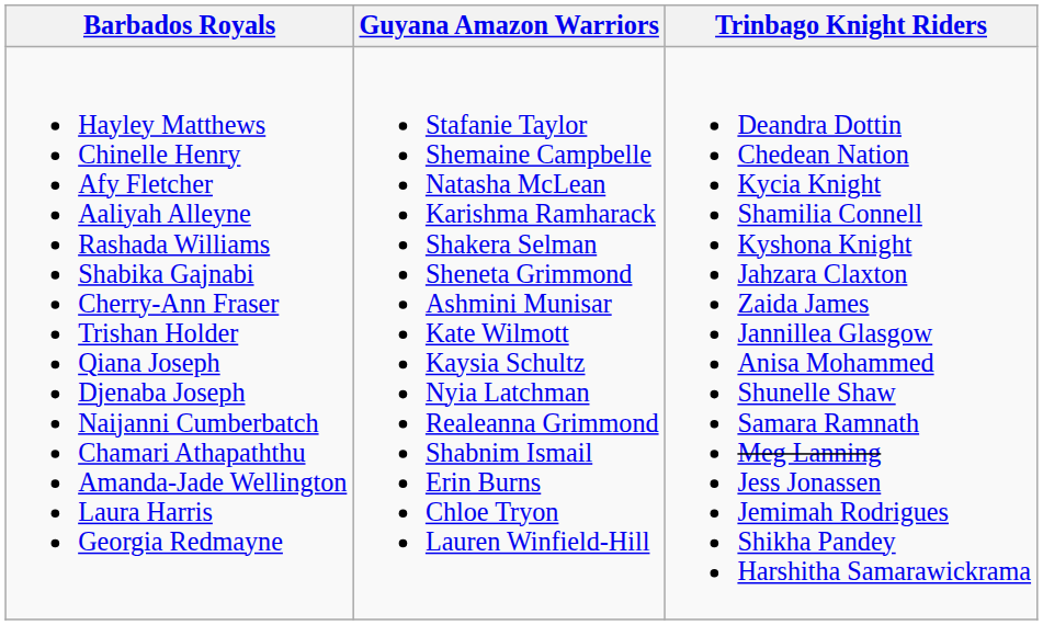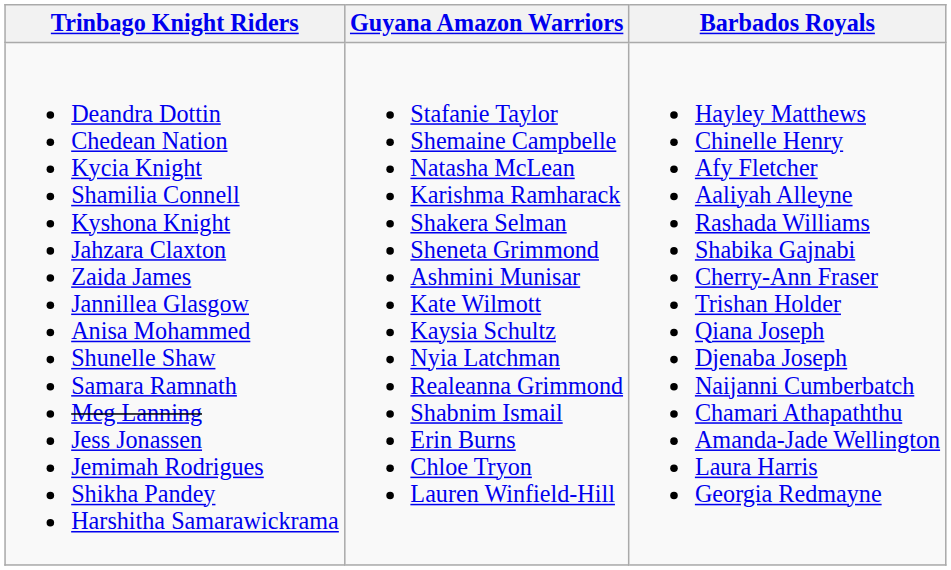 <table class="wikitable" style="text-align:left; margin:auto">
 <tr>
+<th><a href='#'>Trinbago Knight Riders</a></th>
+<th><a href='#'>Guyana Amazon Warriors</a></th>
 <th><a href='#'>Barbados Royals</a></th>
-<th><a href='#'>Guyana Amazon Warriors</a></th>
-<th><a href='#'>Trinbago Knight Riders</a></th>
 </tr>
 <tr style="vertical-align:top">
+<td><br><ul><li><a href='#'>Deandra Dottin</a></li><li><a href='#'>Chedean Nation</a></li><li><a href='#'>Kycia Knight</a></li><li><a href='#'>Shamilia Connell</a></li><li><a href='#'>Kyshona Knight</a></li><li><a href='#'>Jahzara Claxton</a></li><li><a href='#'>Zaida James</a></li><li><a href='#'>Jannillea Glasgow</a></li><li><a href='#'>Anisa Mohammed</a></li><li><a href='#'>Shunelle Shaw</a></li><li><a href='#'>Samara Ramnath</a></li><li><s> <a href='#'>Meg Lanning</a></s></li><li><a href='#'>Jess Jonassen</a></li><li><a href='#'>Jemimah Rodrigues</a></li><li><a href='#'>Shikha Pandey</a></li><li><a href='#'>Harshitha Samarawickrama</a></li></ul></td>
+<td><br><ul><li><a href='#'>Stafanie Taylor</a></li><li><a href='#'>Shemaine Campbelle</a></li><li><a href='#'>Natasha McLean</a></li><li><a href='#'>Karishma Ramharack</a></li><li><a href='#'>Shakera Selman</a></li><li><a href='#'>Sheneta Grimmond</a></li><li><a href='#'>Ashmini Munisar</a></li><li><a href='#'>Kate Wilmott</a></li><li><a href='#'>Kaysia Schultz</a></li><li><a href='#'>Nyia Latchman</a></li><li><a href='#'>Realeanna Grimmond</a></li><li><a href='#'>Shabnim Ismail</a></li><li><a href='#'>Erin Burns</a></li><li><a href='#'>Chloe Tryon</a></li><li><a href='#'>Lauren Winfield-Hill</a></li></ul></td>
 <td><br><ul><li><a href='#'>Hayley Matthews</a></li><li><a href='#'>Chinelle Henry</a></li><li><a href='#'>Afy Fletcher</a></li><li><a href='#'>Aaliyah Alleyne</a></li><li><a href='#'>Rashada Williams</a></li><li><a href='#'>Shabika Gajnabi</a></li><li><a href='#'>Cherry-Ann Fraser</a></li><li><a href='#'>Trishan Holder</a></li><li><a href='#'>Qiana Joseph</a></li><li><a href='#'>Djenaba Joseph</a></li><li><a href='#'>Naijanni Cumberbatch</a></li><li><a href='#'>Chamari Athapaththu</a></li><li><a href='#'>Amanda-Jade Wellington</a></li><li><a href='#'>Laura Harris</a></li><li><a href='#'>Georgia Redmayne</a></li></ul></td>
-<td><br><ul><li><a href='#'>Stafanie Taylor</a></li><li><a href='#'>Shemaine Campbelle</a></li><li><a href='#'>Natasha McLean</a></li><li><a href='#'>Karishma Ramharack</a></li><li><a href='#'>Shakera Selman</a></li><li><a href='#'>Sheneta Grimmond</a></li><li><a href='#'>Ashmini Munisar</a></li><li><a href='#'>Kate Wilmott</a></li><li><a href='#'>Kaysia Schultz</a></li><li><a href='#'>Nyia Latchman</a></li><li><a href='#'>Realeanna Grimmond</a></li><li><a href='#'>Shabnim Ismail</a></li><li><a href='#'>Erin Burns</a></li><li><a href='#'>Chloe Tryon</a></li><li><a href='#'>Lauren Winfield-Hill</a></li></ul></td>
-<td><br><ul><li><a href='#'>Deandra Dottin</a></li><li><a href='#'>Chedean Nation</a></li><li><a href='#'>Kycia Knight</a></li><li><a href='#'>Shamilia Connell</a></li><li><a href='#'>Kyshona Knight</a></li><li><a href='#'>Jahzara Claxton</a></li><li><a href='#'>Zaida James</a></li><li><a href='#'>Jannillea Glasgow</a></li><li><a href='#'>Anisa Mohammed</a></li><li><a href='#'>Shunelle Shaw</a></li><li><a href='#'>Samara Ramnath</a></li><li><s> <a href='#'>Meg Lanning</a></s></li><li><a href='#'>Jess Jonassen</a></li><li><a href='#'>Jemimah Rodrigues</a></li><li><a href='#'>Shikha Pandey</a></li><li><a href='#'>Harshitha Samarawickrama</a></li></ul></td>
 </tr>
 </table>
